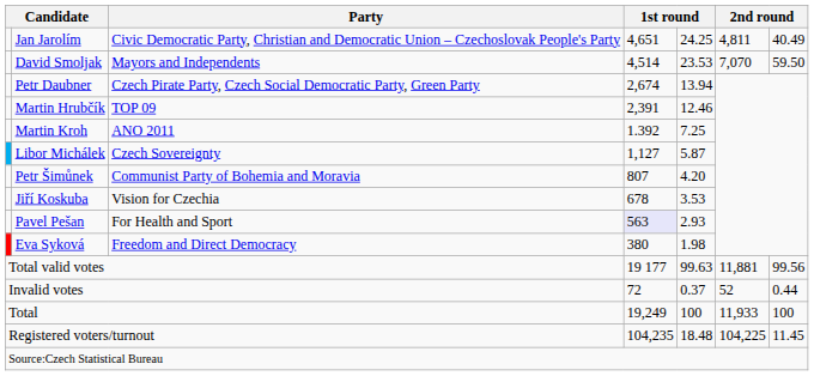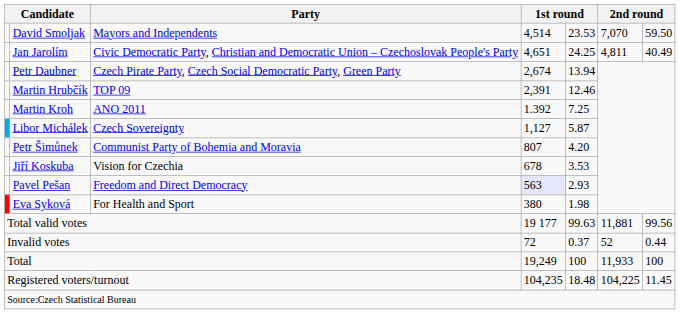 <table class="wikitable">
 <tr>
 <th colspan="2">Candidate</th>
 <th>Party</th>
 <th colspan="2">1st round</th>
 <th colspan="2">2nd round</th>
 </tr>
 <tr>
 <td style="background-color:"></td>
+<td><a href='#'>David Smoljak</a></td>
+<td><a href='#'>Mayors and Independents</a></td>
+<td>4,514</td>
+<td>23.53</td>
+<td>7,070</td>
+<td>59.50</td>
+</tr>
+<tr>
+<td style="background-color:"></td>
 <td><a href='#'>Jan Jarolím</a></td>
 <td><a href='#'>Civic Democratic Party</a>, <a href='#'>Christian and Democratic Union – Czechoslovak People's Party</a></td>
 <td>4,651</td>
 <td>24.25</td>
 <td>4,811</td>
 <td>40.49</td>
-</tr>
-<tr>
-<td style="background-color:"></td>
-<td><a href='#'>David Smoljak</a></td>
-<td><a href='#'>Mayors and Independents</a></td>
-<td>4,514</td>
-<td>23.53</td>
-<td>7,070</td>
-<td>59.50</td>
 </tr>
 <tr>
 <td style="background-color:"></td>
 <td><a href='#'>Petr Daubner</a></td>
 <td><a href='#'>Czech Pirate Party</a>, <a href='#'>Czech Social Democratic Party</a>, <a href='#'>Green Party</a></td>
 <td>2,674</td>
 <td>13.94</td>
 <td colspan=2 rowspan=8></td>
 </tr>
 <tr>
 <td style="background-color:"></td>
 <td><a href='#'>Martin Hrubčík</a></td>
 <td><a href='#'>TOP 09</a></td>
 <td>2,391</td>
 <td>12.46</td>
 </tr>
 <tr>
 <td style="background-color:"></td>
 <td><a href='#'>Martin Kroh</a></td>
 <td><a href='#'>ANO 2011</a></td>
 <td>1.392</td>
 <td>7.25</td>
 </tr>
 <tr>
 <td style="background-color:#00AEEF"></td>
 <td><a href='#'>Libor Michálek</a></td>
 <td><a href='#'>Czech Sovereignty</a></td>
 <td>1,127</td>
 <td>5.87</td>
 </tr>
 <tr>
 <td style="background-color:"></td>
 <td><a href='#'>Petr Šimůnek</a></td>
 <td><a href='#'>Communist Party of Bohemia and Moravia</a></td>
 <td>807</td>
 <td>4.20</td>
 </tr>
 <tr>
 <td style="background-color:"></td>
 <td><a href='#'>Jiří Koskuba</a></td>
 <td>Vision for Czechia</td>
 <td>678</td>
 <td>3.53</td>
 </tr>
 <tr>
 <td style="background-color:"></td>
 <td><a href='#'>Pavel Pešan</a></td>
-<td>For Health and Sport</td>
+<td><a href='#'>Freedom and Direct Democracy</a></td>
 <td style="background: lavender;">563</td>
 <td>2.93</td>
 </tr>
 <tr>
 <td style="background:red;"></td>
 <td><a href='#'>Eva Syková</a></td>
-<td><a href='#'>Freedom and Direct Democracy</a></td>
+<td>For Health and Sport</td>
 <td>380</td>
 <td>1.98</td>
 </tr>
 <tr>
 <td style="text-align:left;" colspan="3">Total valid votes</td>
 <td>19 177</td>
 <td>99.63</td>
 <td>11,881</td>
 <td>99.56</td>
 </tr>
 <tr>
 <td style="text-align:left;" colspan="3">Invalid votes</td>
 <td>72</td>
 <td>0.37</td>
 <td>52</td>
 <td>0.44</td>
 </tr>
 <tr>
 <td style="text-align:left;" colspan="3">Total</td>
 <td>19,249</td>
 <td>100</td>
 <td>11,933</td>
 <td>100</td>
 </tr>
 <tr>
 <td style="text-align:left;" colspan="3">Registered voters/turnout</td>
 <td>104,235</td>
 <td>18.48</td>
 <td>104,225</td>
 <td>11.45</td>
 </tr>
 <tr>
 <td Colspan="7"><small>Source:Czech Statistical Bureau</small></td>
 </tr>
 </table>
